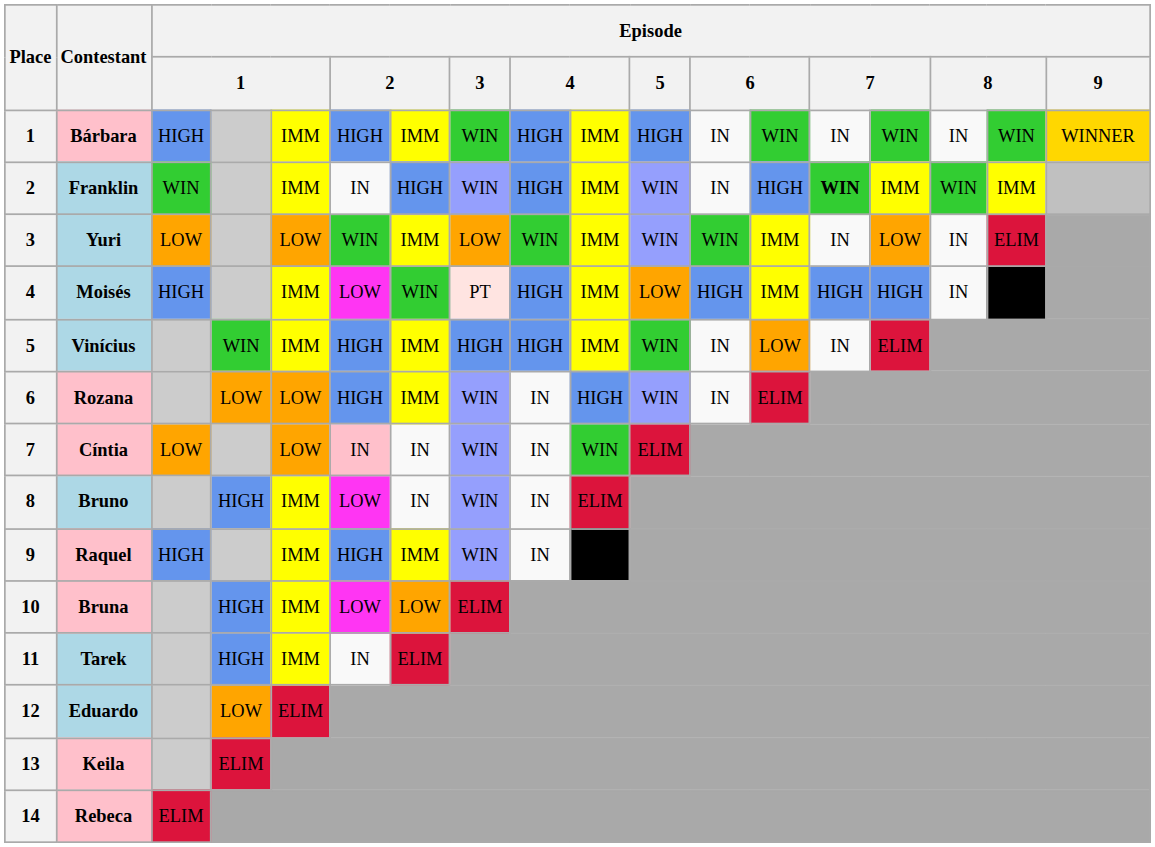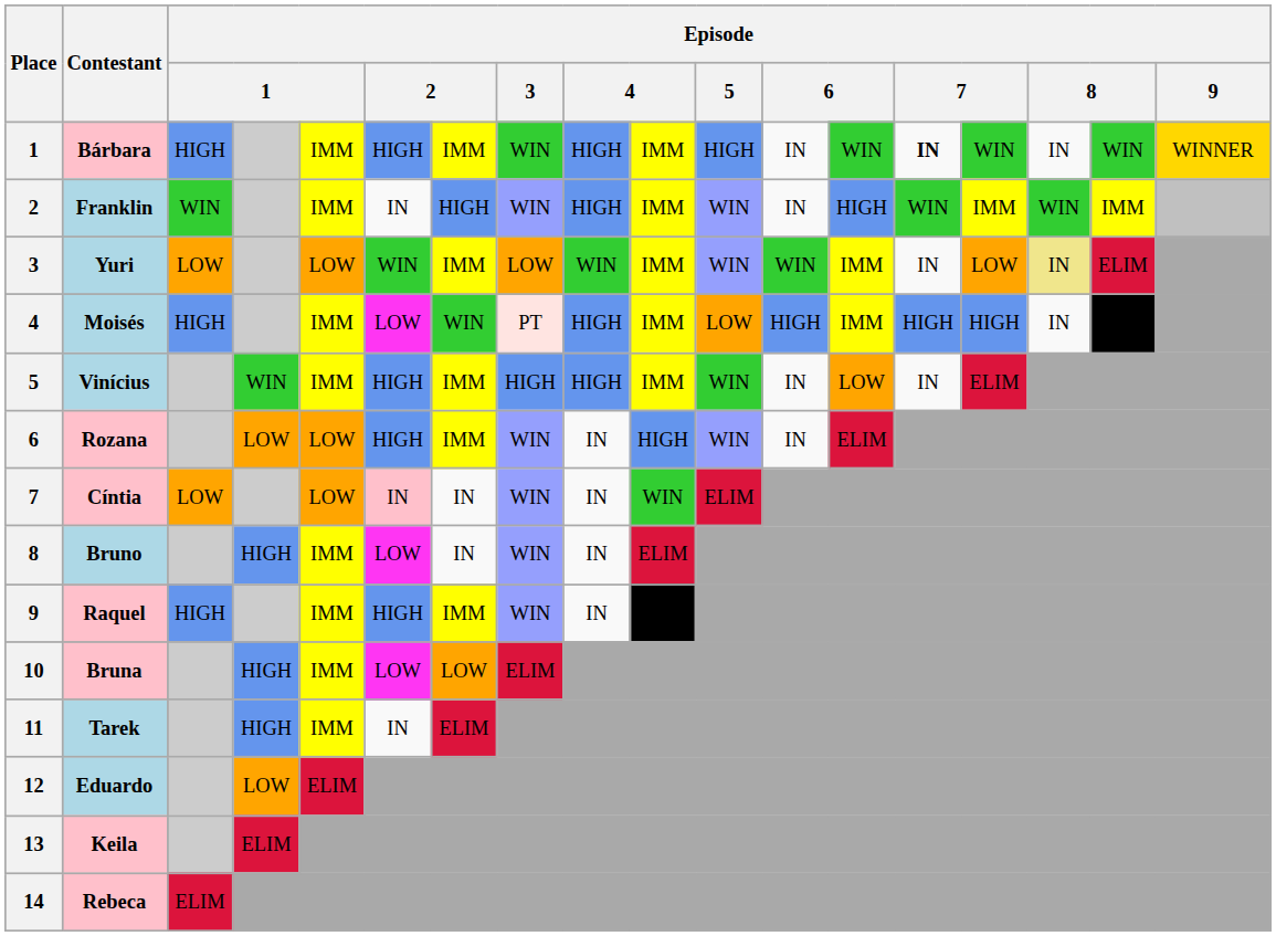 <table class="wikitable" style="text-align: center; font-size: 8pt; line-height: 25px; width:75%">
 <tr>
 <th rowspan="02" width="01.0%">Place</th>
 <th rowspan="02" width="02.0%">Contestant</th>
 <th colspan="16">Episode</th>
 </tr>
 <tr>
 <th colspan="3">1</th>
 <th colspan="2">2</th>
 <th>3</th>
 <th colspan="2">4</th>
 <th>5</th>
 <th colspan="2">6</th>
 <th colspan="2">7</th>
 <th colspan="2">8</th>
 <th>9</th>
 </tr>
 <tr>
 <th>1</th>
 <td width=50 bgcolor="FFC0CB"><strong>Bárbara</strong></td>
 <td width=25 bgcolor="6495ED">HIGH</td>
 <td width=25 bgcolor="CCCCCC"></td>
 <td width=25 bgcolor="FFFF00">IMM</td>
 <td width=25 bgcolor="6495ED">HIGH</td>
 <td width=25 bgcolor="FFFF00">IMM</td>
 <td width=25 bgcolor="32CD32">WIN</td>
 <td width=25 bgcolor="6495ED">HIGH</td>
 <td width=25 bgcolor="FFFF00">IMM</td>
 <td width=25 bgcolor="6495ED">HIGH</td>
 <td width=25>IN</td>
 <td width=25 bgcolor="32CD32">WIN</td>
-<td width=25>IN</td>
+<td width=25><strong>IN</strong></td>
 <td width=25 bgcolor="32CD32">WIN</td>
 <td width=25>IN</td>
 <td width=25 bgcolor="32CD32">WIN</td>
 <td width=50 bgcolor="FFD700">WINNER</td>
 </tr>
 <tr>
 <th>2</th>
 <td bgcolor="ADD8E6"><strong>Franklin</strong></td>
 <td bgcolor="32CD32">WIN</td>
 <td bgcolor="CCCCCC"></td>
 <td bgcolor="FFFF00">IMM</td>
 <td>IN</td>
 <td bgcolor="6495ED">HIGH</td>
 <td bgcolor="959FFD">WIN</td>
 <td bgcolor="6495ED">HIGH</td>
 <td bgcolor="FFFF00">IMM</td>
 <td bgcolor="959FFD">WIN</td>
 <td>IN</td>
 <td bgcolor="6495ED">HIGH</td>
-<td bgcolor="32CD32"><strong>WIN</strong></td>
+<td bgcolor="32CD32">WIN</td>
 <td bgcolor="FFFF00">IMM</td>
 <td bgcolor="32CD32">WIN</td>
 <td bgcolor="FFFF00">IMM</td>
 <td bgcolor="C0C0C0"></td>
 </tr>
 <tr>
 <th>3</th>
 <td bgcolor="ADD8E6"><strong>Yuri</strong></td>
 <td bgcolor="FFA500">LOW</td>
 <td bgcolor="CCCCCC"></td>
 <td bgcolor="FFA500">LOW</td>
 <td bgcolor="32CD32">WIN</td>
 <td bgcolor="FFFF00">IMM</td>
 <td bgcolor="FFA500">LOW</td>
 <td bgcolor="32CD32">WIN</td>
 <td bgcolor="FFFF00">IMM</td>
 <td bgcolor="959FFD">WIN</td>
 <td bgcolor="32CD32">WIN</td>
 <td bgcolor="FFFF00">IMM</td>
 <td>IN</td>
 <td bgcolor="FFA500">LOW</td>
-<td>IN</td>
+<td style="background: khaki;">IN</td>
 <td bgcolor="DC143C">ELIM</td>
 <td bgcolor="A9A9A9" colspan=1></td>
 </tr>
 <tr>
 <th>4</th>
 <td bgcolor="ADD8E6"><strong>Moisés</strong></td>
 <td bgcolor="6495ED">HIGH</td>
 <td bgcolor="CCCCCC"></td>
 <td bgcolor="FFFF00">IMM</td>
 <td bgcolor="FF35F3">LOW</td>
 <td bgcolor="32CD32">WIN</td>
 <td bgcolor="FFE4E1">PT</td>
 <td bgcolor="6495ED">HIGH</td>
 <td bgcolor="FFFF00">IMM</td>
 <td bgcolor="FFA500">LOW</td>
 <td bgcolor="6495ED">HIGH</td>
 <td bgcolor="FFFF00">IMM</td>
 <td bgcolor="6495ED">HIGH</td>
 <td bgcolor="6495ED">HIGH</td>
 <td>IN</td>
 <td bgcolor="000000"></td>
 <td bgcolor="A9A9A9" colspan=1></td>
 </tr>
 <tr>
 <th>5</th>
 <td bgcolor="ADD8E6"><strong>Vinícius</strong></td>
 <td bgcolor="CCCCCC"></td>
 <td bgcolor="32CD32">WIN</td>
 <td bgcolor="FFFF00">IMM</td>
 <td bgcolor="6495ED">HIGH</td>
 <td bgcolor="FFFF00">IMM</td>
 <td bgcolor="6495ED">HIGH</td>
 <td bgcolor="6495ED">HIGH</td>
 <td bgcolor="FFFF00">IMM</td>
 <td bgcolor="32CD32">WIN</td>
 <td>IN</td>
 <td bgcolor="FFA500">LOW</td>
 <td>IN</td>
 <td bgcolor="DC143C">ELIM</td>
 <td bgcolor="A9A9A9" colspan=3></td>
 </tr>
 <tr>
 <th>6</th>
 <td bgcolor="FFC0CB"><strong>Rozana</strong></td>
 <td bgcolor="CCCCCC"></td>
 <td bgcolor="FFA500">LOW</td>
 <td bgcolor="FFA500">LOW</td>
 <td bgcolor="6495ED">HIGH</td>
 <td bgcolor="FFFF00">IMM</td>
 <td bgcolor="959FFD">WIN</td>
 <td>IN</td>
 <td bgcolor="6495ED">HIGH</td>
 <td bgcolor="959FFD">WIN</td>
 <td>IN</td>
 <td bgcolor="DC143C">ELIM</td>
 <td bgcolor="A9A9A9" colspan=5></td>
 </tr>
 <tr>
 <th>7</th>
 <td bgcolor="FFC0CB"><strong>Cíntia</strong></td>
 <td bgcolor="FFA500">LOW</td>
 <td bgcolor="CCCCCC"></td>
 <td bgcolor="FFA500">LOW</td>
 <td style="background: pink;">IN</td>
 <td>IN</td>
 <td bgcolor="959FFD">WIN</td>
 <td>IN</td>
 <td bgcolor="32CD32">WIN</td>
 <td bgcolor="DC143C">ELIM</td>
 <td colspan="7" bgcolor="A9A9A9"></td>
 </tr>
 <tr>
 <th>8</th>
 <td bgcolor="ADD8E6"><strong>Bruno</strong></td>
 <td bgcolor="CCCCCC"></td>
 <td bgcolor="6495ED">HIGH</td>
 <td bgcolor="FFFF00">IMM</td>
 <td bgcolor="FF35F3">LOW</td>
 <td>IN</td>
 <td bgcolor="959FFD">WIN</td>
 <td>IN</td>
 <td bgcolor="DC143C">ELIM</td>
 <td colspan="8" bgcolor="A9A9A9"></td>
 </tr>
 <tr>
 <th>9</th>
 <td bgcolor="FFC0CB"><strong>Raquel</strong></td>
 <td bgcolor="6495ED">HIGH</td>
 <td bgcolor="CCCCCC"></td>
 <td bgcolor="FFFF00">IMM</td>
 <td bgcolor="6495ED">HIGH</td>
 <td bgcolor="FFFF00">IMM</td>
 <td bgcolor="959FFD">WIN</td>
 <td>IN</td>
 <td bgcolor="000000"></td>
 <td colspan="8" bgcolor="A9A9A9"></td>
 </tr>
 <tr>
 <th>10</th>
 <td bgcolor="FFC0CB"><strong>Bruna</strong></td>
 <td bgcolor="CCCCCC"></td>
 <td bgcolor="6495ED">HIGH</td>
 <td bgcolor="FFFF00">IMM</td>
 <td bgcolor="FF35F3">LOW</td>
 <td bgcolor="FFA500">LOW</td>
 <td bgcolor="DC143C">ELIM</td>
 <td colspan="10" bgcolor="A9A9A9"></td>
 </tr>
 <tr>
 <th>11</th>
 <td bgcolor="ADD8E6"><strong>Tarek</strong></td>
 <td bgcolor="CCCCCC"></td>
 <td bgcolor="6495ED">HIGH</td>
 <td bgcolor="FFFF00">IMM</td>
 <td>IN</td>
 <td bgcolor="DC143C">ELIM</td>
 <td colspan="11" bgcolor="A9A9A9"></td>
 </tr>
 <tr>
 <th>12</th>
 <td bgcolor="ADD8E6"><strong>Eduardo</strong></td>
 <td bgcolor="CCCCCC"></td>
 <td bgcolor="FFA500">LOW</td>
 <td bgcolor="DC143C">ELIM</td>
 <td colspan="13" bgcolor="A9A9A9"></td>
 </tr>
 <tr>
 <th>13</th>
 <td bgcolor="FFC0CB"><strong>Keila</strong></td>
 <td bgcolor="CCCCCC"></td>
 <td bgcolor="DC143C">ELIM</td>
 <td colspan="14" bgcolor="A9A9A9"></td>
 </tr>
 <tr>
 <th>14</th>
 <td bgcolor="FFC0CB"><strong>Rebeca</strong></td>
 <td bgcolor="DC143C">ELIM</td>
 <td colspan="15" bgcolor="A9A9A9"></td>
 </tr>
 </table>
